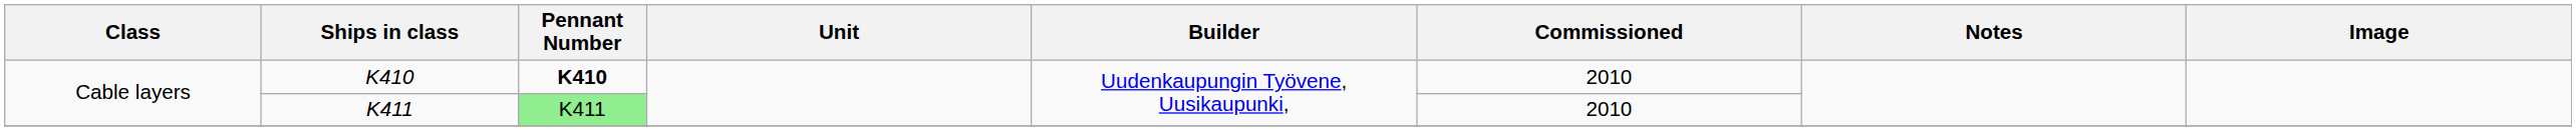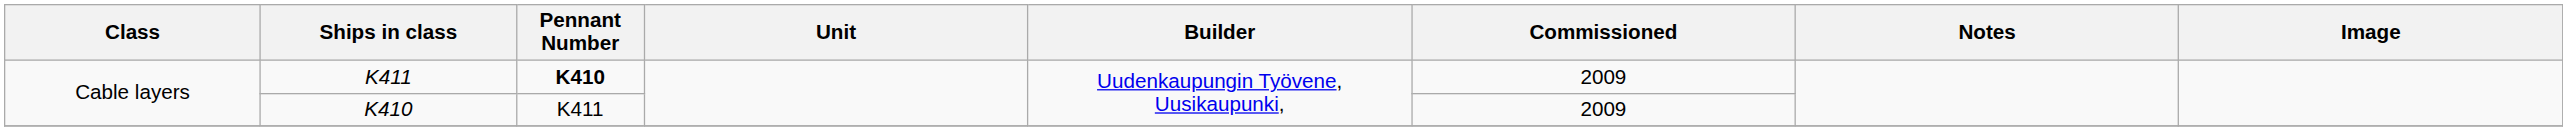 <table class="wikitable" border="1" style="width:100%; text-align:center;">
 <tr>
 <th width="10%">Class</th>
 <th width="10%">Ships in class</th>
 <th width="5%">Pennant Number</th>
 <th width="15%">Unit</th>
 <th width="15%">Builder</th>
 <th width="15%">Commissioned</th>
 <th width="15%">Notes</th>
 <th width="80px">Image</th>
 </tr>
 <tr>
 <td rowspan="2">Cable layers</td>
-<td><em>K410</em></td>
+<td><em>K411</em></td>
 <td><strong>K410</strong></td>
 <td rowspan="2"></td>
 <td rowspan="2"><a href='#'>Uudenkaupungin Työvene</a>, <a href='#'>Uusikaupunki</a>, </td>
-<td>2010</td>
+<td>2009</td>
 <td rowspan="2"></td>
 <td rowspan="2"></td>
 </tr>
 <tr>
-<td><em>K411</em></td>
-<td style="background: lightgreen;">K411</td>
-<td>2010</td>
+<td><em>K410</em></td>
+<td>K411</td>
+<td>2009</td>
 </tr>
 <tr>
 </tr>
 </table>
